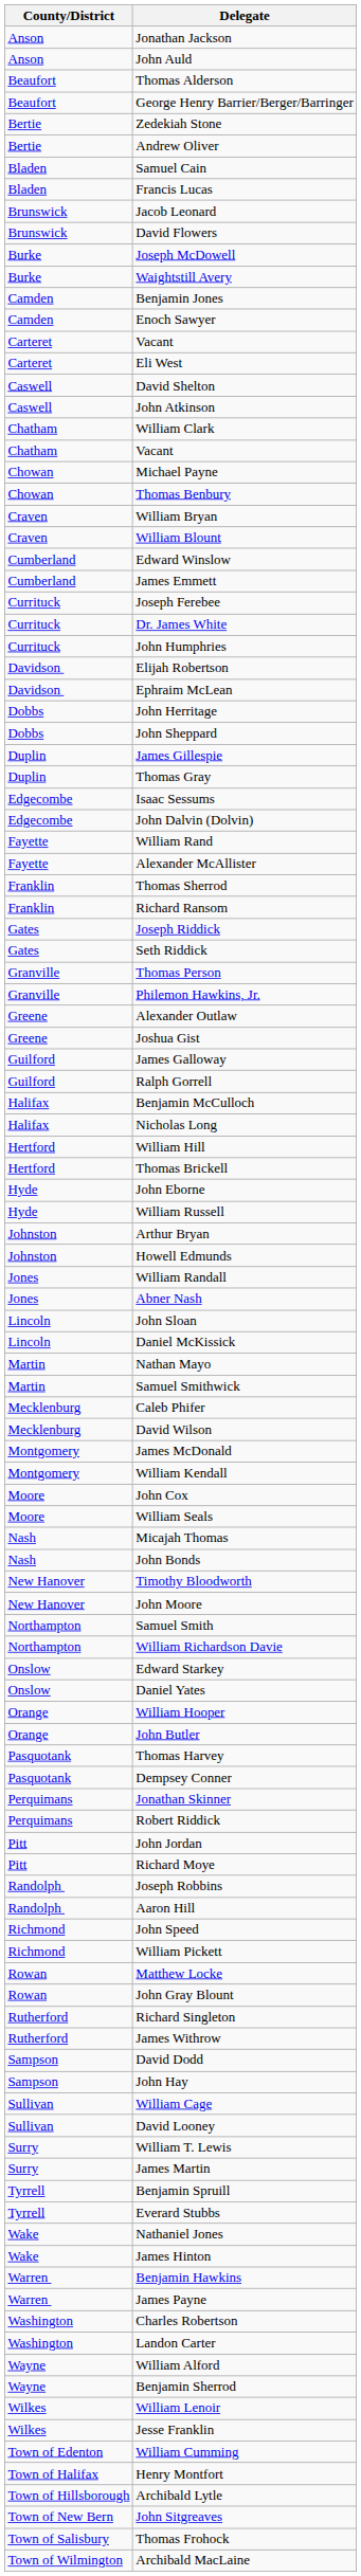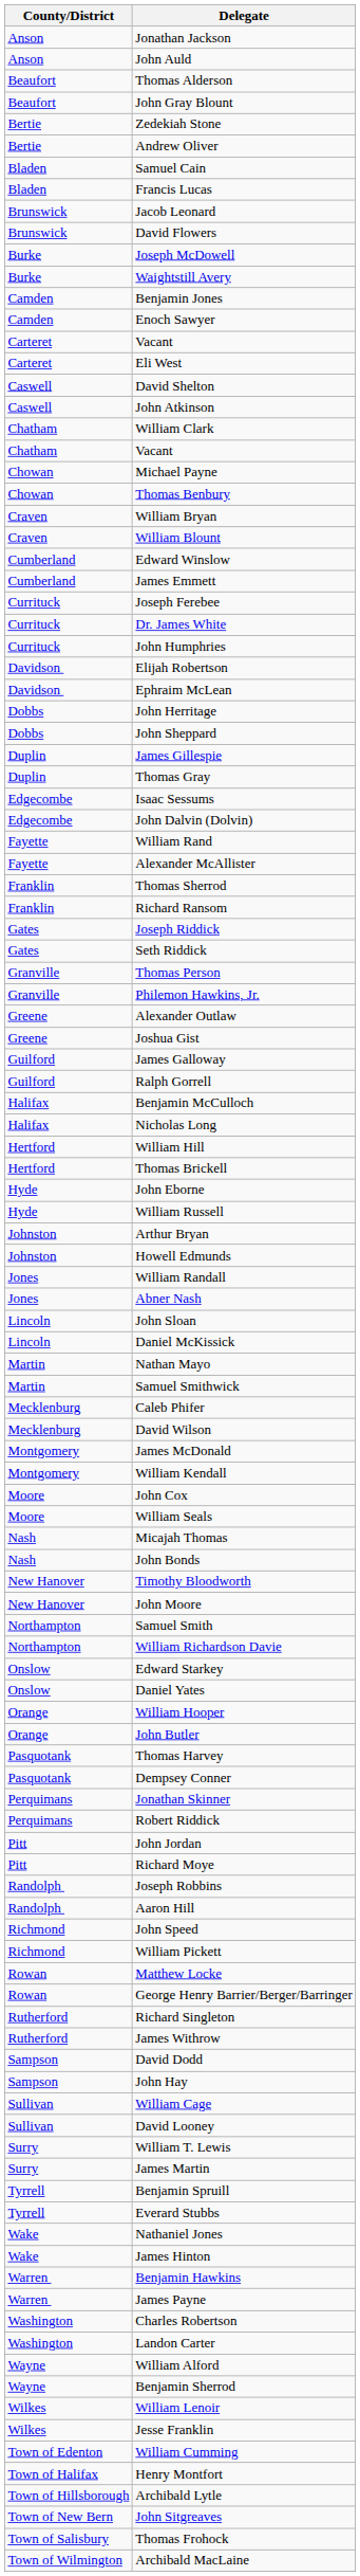 <table class="wikitable sortable">
 <tr>
 <th>County/District</th>
 <th>Delegate</th>
 </tr>
 <tr>
 <td><a href='#'>Anson</a></td>
 <td data-sort-value="Jackson, Jonathan">Jonathan Jackson</td>
 </tr>
 <tr>
 <td><a href='#'>Anson</a></td>
 <td data-sort-value="Auld, John">John Auld</td>
 </tr>
 <tr>
 <td><a href='#'>Beaufort</a></td>
 <td data-sort-value="Alderson, Thomas">Thomas Alderson</td>
 </tr>
 <tr>
 <td><a href='#'>Beaufort</a></td>
-<td data-sort-value="Barrier, George Henry">George Henry Barrier/Berger/Barringer</td>
+<td data-sort-value="Blount, John Gray">John Gray Blount</td>
 </tr>
 <tr>
 <td><a href='#'>Bertie</a></td>
 <td data-sort-value="Stone, Zedekiah">Zedekiah Stone</td>
 </tr>
 <tr>
 <td><a href='#'>Bertie</a></td>
 <td data-sort-value="Oliver, Andrew">Andrew Oliver</td>
 </tr>
 <tr>
 <td><a href='#'>Bladen</a></td>
 <td data-sort-value="Cain, Samuel">Samuel Cain</td>
 </tr>
 <tr>
 <td><a href='#'>Bladen</a></td>
 <td data-sort-value="Lucas, Francis">Francis Lucas</td>
 </tr>
 <tr>
 <td><a href='#'>Brunswick</a></td>
 <td data-sort-value="Leonard, Jacob">Jacob Leonard</td>
 </tr>
 <tr>
 <td><a href='#'>Brunswick</a></td>
 <td data-sort-value="Flowers, David">David Flowers</td>
 </tr>
 <tr>
 <td><a href='#'>Burke</a></td>
 <td data-sort-value="McDowell, Joseph"><a href='#'>Joseph McDowell</a></td>
 </tr>
 <tr>
 <td><a href='#'>Burke</a></td>
 <td data-sort-value="Avery, Waightstill"><a href='#'>Waightstill Avery</a></td>
 </tr>
 <tr>
 <td><a href='#'>Camden</a></td>
 <td data-sort-value="Jones, Benjamin">Benjamin Jones</td>
 </tr>
 <tr>
 <td><a href='#'>Camden</a></td>
 <td data-sort-value="Sawyer, Enoch">Enoch Sawyer</td>
 </tr>
 <tr>
 <td><a href='#'>Carteret</a></td>
 <td data-sort-value="Z Vacant">Vacant</td>
 </tr>
 <tr>
 <td><a href='#'>Carteret</a></td>
 <td data-sort-value="West, Eli">Eli West</td>
 </tr>
 <tr>
 <td><a href='#'>Caswell</a></td>
 <td data-sort-value="Shelton, David">David Shelton</td>
 </tr>
 <tr>
 <td><a href='#'>Caswell</a></td>
 <td data-sort-value="Atkinson, John">John Atkinson</td>
 </tr>
 <tr>
 <td><a href='#'>Chatham</a></td>
 <td data-sort-value="Clark, William">William Clark</td>
 </tr>
 <tr>
 <td><a href='#'>Chatham</a></td>
 <td data-sort-value="Z Vacant">Vacant</td>
 </tr>
 <tr>
 <td><a href='#'>Chowan</a></td>
 <td data-sort-value="Payne, Michael">Michael Payne</td>
 </tr>
 <tr>
 <td><a href='#'>Chowan</a></td>
 <td data-sort-value="Benbury, Thomas"><a href='#'>Thomas Benbury</a></td>
 </tr>
 <tr>
 <td><a href='#'>Craven</a></td>
 <td data-sort-value="Bryan, William">William Bryan</td>
 </tr>
 <tr>
 <td><a href='#'>Craven</a></td>
 <td data-sort-value="Blount, William"><a href='#'>William Blount</a></td>
 </tr>
 <tr>
 <td><a href='#'>Cumberland</a></td>
 <td data-sort-value="Winslow, Edward">Edward Winslow</td>
 </tr>
 <tr>
 <td><a href='#'>Cumberland</a></td>
 <td data-sort-value="Emmett, James">James Emmett</td>
 </tr>
 <tr>
 <td><a href='#'>Currituck</a></td>
 <td data-sort-value="Ferebee, Joseph">Joseph Ferebee</td>
 </tr>
 <tr>
 <td><a href='#'>Currituck</a></td>
 <td data-sort-value="White, James, Dr"><a href='#'>Dr. James White</a></td>
 </tr>
 <tr>
 <td><a href='#'>Currituck</a></td>
 <td data-sort-value="Humphries, John">John Humphries</td>
 </tr>
 <tr>
 <td><a href='#'>Davidson </a></td>
 <td data-sort-value="Robertson, Elijah">Elijah Robertson</td>
 </tr>
 <tr>
 <td><a href='#'>Davidson </a></td>
 <td data-sort-value="McLean, Ephraim">Ephraim McLean</td>
 </tr>
 <tr>
 <td><a href='#'>Dobbs</a></td>
 <td data-sort-value="Herritage, John">John Herritage</td>
 </tr>
 <tr>
 <td><a href='#'>Dobbs</a></td>
 <td data-sort-value="Sheppard, John">John Sheppard</td>
 </tr>
 <tr>
 <td><a href='#'>Duplin</a></td>
 <td data-sort-value="Gillespie, James"><a href='#'>James Gillespie</a></td>
 </tr>
 <tr>
 <td><a href='#'>Duplin</a></td>
 <td data-sort-value="Gray, Thomas">Thomas Gray</td>
 </tr>
 <tr>
 <td><a href='#'>Edgecombe</a></td>
 <td data-sort-value="Sessums, Isaac">Isaac Sessums</td>
 </tr>
 <tr>
 <td><a href='#'>Edgecombe</a></td>
 <td data-sort-value="Dolvin, John">John Dalvin (Dolvin)</td>
 </tr>
 <tr>
 <td><a href='#'>Fayette</a></td>
 <td data-sort-value="Rand, William">William Rand</td>
 </tr>
 <tr>
 <td><a href='#'>Fayette</a></td>
 <td data-sort-value="McAllister, Alexander">Alexander McAllister</td>
 </tr>
 <tr>
 <td><a href='#'>Franklin</a></td>
 <td data-sort-value="Sherrod, Thomas">Thomas Sherrod</td>
 </tr>
 <tr>
 <td><a href='#'>Franklin</a></td>
 <td data-sort-value="Ransom, Richard">Richard Ransom</td>
 </tr>
 <tr>
 <td><a href='#'>Gates</a></td>
 <td data-sort-value="Riddick, Joseph"><a href='#'>Joseph Riddick</a></td>
 </tr>
 <tr>
 <td><a href='#'>Gates</a></td>
 <td data-sort-value="Riddick, Seth">Seth Riddick</td>
 </tr>
 <tr>
 <td><a href='#'>Granville</a></td>
 <td data-sort-value="Person, Thomas"><a href='#'>Thomas Person</a></td>
 </tr>
 <tr>
 <td><a href='#'>Granville</a></td>
 <td data-sort-value="Hawkin, Philemon, Jr."><a href='#'>Philemon Hawkins, Jr.</a></td>
 </tr>
 <tr>
 <td><a href='#'>Greene</a></td>
 <td data-sort-value="Outlaw, Alexander">Alexander Outlaw</td>
 </tr>
 <tr>
 <td><a href='#'>Greene</a></td>
 <td data-sort-value="Gist, Joshua">Joshua Gist</td>
 </tr>
 <tr>
 <td><a href='#'>Guilford</a></td>
 <td data-sort-value="Galloway, James">James Galloway</td>
 </tr>
 <tr>
 <td><a href='#'>Guilford</a></td>
 <td data-sort-value="Gorrell, Ralph">Ralph Gorrell</td>
 </tr>
 <tr>
 <td><a href='#'>Halifax</a></td>
 <td data-sort-value="McCulloch, Benjamin">Benjamin McCulloch</td>
 </tr>
 <tr>
 <td><a href='#'>Halifax</a></td>
 <td data-sort-value="Long, Nicholas">Nicholas Long</td>
 </tr>
 <tr>
 <td><a href='#'>Hertford</a></td>
 <td data-sort-value="Hill, William">William Hill</td>
 </tr>
 <tr>
 <td><a href='#'>Hertford</a></td>
 <td data-sort-value="Brickell, Thomas">Thomas Brickell</td>
 </tr>
 <tr>
 <td><a href='#'>Hyde</a></td>
 <td data-sort-value="Eborne, John">John Eborne</td>
 </tr>
 <tr>
 <td><a href='#'>Hyde</a></td>
 <td data-sort-value="Russell, William">William Russell</td>
 </tr>
 <tr>
 <td><a href='#'>Johnston</a></td>
 <td data-sort-value="Bryan, Arthur">Arthur Bryan</td>
 </tr>
 <tr>
 <td><a href='#'>Johnston</a></td>
 <td data-sort-value="Edmunds, Howell">Howell Edmunds</td>
 </tr>
 <tr>
 <td><a href='#'>Jones</a></td>
 <td data-sort-value="Randall, William">William Randall</td>
 </tr>
 <tr>
 <td><a href='#'>Jones</a></td>
 <td data-sort-value="Nash, Abner"><a href='#'>Abner Nash</a></td>
 </tr>
 <tr>
 <td><a href='#'>Lincoln</a></td>
 <td data-sort-value="Sloan, John">John Sloan</td>
 </tr>
 <tr>
 <td><a href='#'>Lincoln</a></td>
 <td data-sort-value="McKissick, Daniel">Daniel McKissick</td>
 </tr>
 <tr>
 <td><a href='#'>Martin</a></td>
 <td data-sort-value="Mayo, Nathan">Nathan Mayo</td>
 </tr>
 <tr>
 <td><a href='#'>Martin</a></td>
 <td data-sort-value="Smithwick, Samuel">Samuel Smithwick</td>
 </tr>
 <tr>
 <td><a href='#'>Mecklenburg</a></td>
 <td data-sort-value="Phifer, Caleb">Caleb Phifer</td>
 </tr>
 <tr>
 <td><a href='#'>Mecklenburg</a></td>
 <td data-sort-value="Wilson, David">David Wilson</td>
 </tr>
 <tr>
 <td><a href='#'>Montgomery</a></td>
 <td data-sort-value="McDonald, James">James McDonald</td>
 </tr>
 <tr>
 <td><a href='#'>Montgomery</a></td>
 <td data-sort-value="Kendall, William">William Kendall</td>
 </tr>
 <tr>
 <td><a href='#'>Moore</a></td>
 <td data-sort-value="Cox, John">John Cox</td>
 </tr>
 <tr>
 <td><a href='#'>Moore</a></td>
 <td data-sort-value="Seals, William">William Seals</td>
 </tr>
 <tr>
 <td><a href='#'>Nash</a></td>
 <td data-sort-value="Thomas, Micajah">Micajah Thomas</td>
 </tr>
 <tr>
 <td><a href='#'>Nash</a></td>
 <td data-sort-value="Bonds, John">John Bonds</td>
 </tr>
 <tr>
 <td><a href='#'>New Hanover</a></td>
 <td data-sort-value="Bloodworth, Timothy"><a href='#'>Timothy Bloodworth</a></td>
 </tr>
 <tr>
 <td><a href='#'>New Hanover</a></td>
 <td data-sort-value="Moore, John">John Moore</td>
 </tr>
 <tr>
 <td><a href='#'>Northampton</a></td>
 <td data-sort-value="Smith, Samuel">Samuel Smith</td>
 </tr>
 <tr>
 <td><a href='#'>Northampton</a></td>
 <td data-sort-value="Davie, William Richardson"><a href='#'>William Richardson Davie</a></td>
 </tr>
 <tr>
 <td><a href='#'>Onslow</a></td>
 <td data-sort-value="Starkey, Edward">Edward Starkey</td>
 </tr>
 <tr>
 <td><a href='#'>Onslow</a></td>
 <td data-sort-value="Yates, Daniel">Daniel Yates</td>
 </tr>
 <tr>
 <td><a href='#'>Orange</a></td>
 <td data-sort-value="Hooper, William"><a href='#'>William Hooper</a></td>
 </tr>
 <tr>
 <td><a href='#'>Orange</a></td>
 <td data-sort-value="Butler, John"><a href='#'>John Butler</a></td>
 </tr>
 <tr>
 <td><a href='#'>Pasquotank</a></td>
 <td data-sort-value="Harvey, Thomas">Thomas Harvey</td>
 </tr>
 <tr>
 <td><a href='#'>Pasquotank</a></td>
 <td data-sort-value="Conner, Dempsey">Dempsey Conner</td>
 </tr>
 <tr>
 <td><a href='#'>Perquimans</a></td>
 <td data-sort-value="Skinner, Jonathan"><a href='#'>Jonathan Skinner</a></td>
 </tr>
 <tr>
 <td><a href='#'>Perquimans</a></td>
 <td data-sort-value="Riddick, Robert">Robert Riddick</td>
 </tr>
 <tr>
 <td><a href='#'>Pitt</a></td>
 <td data-sort-value="Jordan, John">John Jordan</td>
 </tr>
 <tr>
 <td><a href='#'>Pitt</a></td>
 <td data-sort-value="Moye, Richard">Richard Moye</td>
 </tr>
 <tr>
 <td><a href='#'>Randolph </a></td>
 <td data-sort-value="Robbins, Joseph">Joseph Robbins</td>
 </tr>
 <tr>
 <td><a href='#'>Randolph </a></td>
 <td data-sort-value="Hill, Aaron">Aaron Hill</td>
 </tr>
 <tr>
 <td><a href='#'>Richmond</a></td>
 <td data-sort-value="Speed, John">John Speed</td>
 </tr>
 <tr>
 <td><a href='#'>Richmond</a></td>
 <td data-sort-value="Pickett, William">William Pickett</td>
 </tr>
 <tr>
 <td><a href='#'>Rowan</a></td>
 <td data-sort-value="Locke, Matthew"><a href='#'>Matthew Locke</a></td>
 </tr>
 <tr>
 <td><a href='#'>Rowan</a></td>
-<td data-sort-value="Blount, John Gray">John Gray Blount</td>
+<td data-sort-value="Barrier, George Henry">George Henry Barrier/Berger/Barringer</td>
 </tr>
 <tr>
 <td><a href='#'>Rutherford</a></td>
 <td data-sort-value="Singleton, Richard">Richard Singleton</td>
 </tr>
 <tr>
 <td><a href='#'>Rutherford</a></td>
 <td data-sort-value="Withrow, James">James Withrow</td>
 </tr>
 <tr>
 <td><a href='#'>Sampson</a></td>
 <td data-sort-value="Dodd, David">David Dodd</td>
 </tr>
 <tr>
 <td><a href='#'>Sampson</a></td>
 <td data-sort-value="Hay, John">John Hay</td>
 </tr>
 <tr>
 <td><a href='#'>Sullivan</a></td>
 <td data-sort-value="Cage, William"><a href='#'>William Cage</a></td>
 </tr>
 <tr>
 <td><a href='#'>Sullivan</a></td>
 <td data-sort-value="Looney, David">David Looney</td>
 </tr>
 <tr>
 <td><a href='#'>Surry</a></td>
 <td data-sort-value="Lewis, William T">William T. Lewis</td>
 </tr>
 <tr>
 <td><a href='#'>Surry</a></td>
 <td data-sort-value="Martin, James">James Martin</td>
 </tr>
 <tr>
 <td><a href='#'>Tyrrell</a></td>
 <td data-sort-value="Spruill, Benjamin">Benjamin Spruill</td>
 </tr>
 <tr>
 <td><a href='#'>Tyrrell</a></td>
 <td data-sort-value="Stubbs, Everard">Everard Stubbs</td>
 </tr>
 <tr>
 <td><a href='#'>Wake</a></td>
 <td data-sort-value="Jones, Nathaniel">Nathaniel Jones</td>
 </tr>
 <tr>
 <td><a href='#'>Wake</a></td>
 <td data-sort-value="Hinton, James">James Hinton</td>
 </tr>
 <tr>
 <td><a href='#'>Warren </a></td>
 <td data-sort-value="Hawkins, Benjamin"><a href='#'>Benjamin Hawkins</a></td>
 </tr>
 <tr>
 <td><a href='#'>Warren </a></td>
 <td data-sort-value="Payne, James">James Payne</td>
 </tr>
 <tr>
 <td><a href='#'>Washington</a></td>
 <td data-sort-value="Robertson, Charles">Charles Robertson</td>
 </tr>
 <tr>
 <td><a href='#'>Washington</a></td>
 <td data-sort-value="Carter, Landon">Landon Carter</td>
 </tr>
 <tr>
 <td><a href='#'>Wayne</a></td>
 <td data-sort-value="Alford, William">William Alford</td>
 </tr>
 <tr>
 <td><a href='#'>Wayne</a></td>
 <td data-sort-value="Sherrod, Benjamin">Benjamin Sherrod</td>
 </tr>
 <tr>
 <td><a href='#'>Wilkes</a></td>
 <td data-sort-value="Lenoir, William"><a href='#'>William Lenoir</a></td>
 </tr>
 <tr>
 <td><a href='#'>Wilkes</a></td>
 <td data-sort-value="Franklin, Jesse">Jesse Franklin</td>
 </tr>
 <tr>
 <td><a href='#'>Town of Edenton</a></td>
 <td data-sort-value="Cumming, William"><a href='#'>William Cumming</a></td>
 </tr>
 <tr>
 <td><a href='#'>Town of Halifax</a></td>
 <td data-sort-value="Montfort, Henry">Henry Montfort</td>
 </tr>
 <tr>
 <td><a href='#'>Town of Hillsborough</a></td>
 <td data-sort-value="Lytle, Archibald">Archibald Lytle</td>
 </tr>
 <tr>
 <td><a href='#'>Town of New Bern</a></td>
 <td data-sort-value="Sitgreaves, John"><a href='#'>John Sitgreaves</a></td>
 </tr>
 <tr>
 <td><a href='#'>Town of Salisbury</a></td>
 <td data-sort-value="Frohock, Thomas">Thomas Frohock</td>
 </tr>
 <tr>
 <td><a href='#'>Town of Wilmington</a></td>
 <td data-sort-value="MacLaine, Archibald">Archibald MacLaine</td>
 </tr>
 </table>
